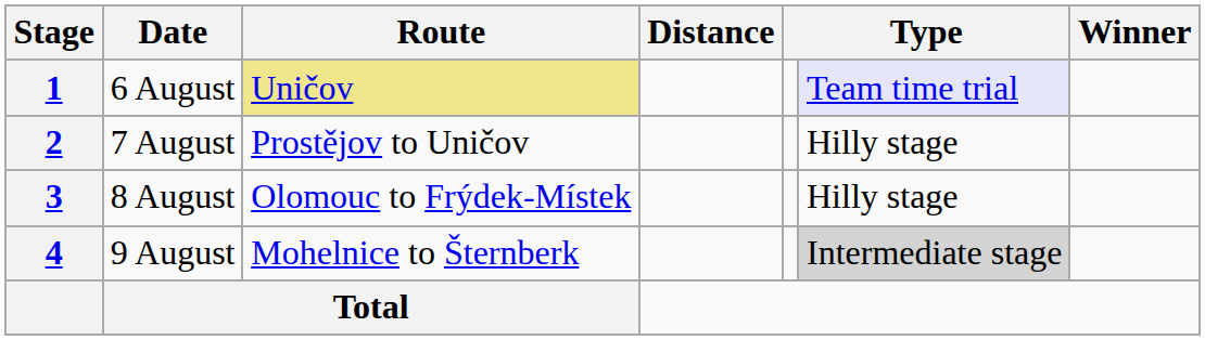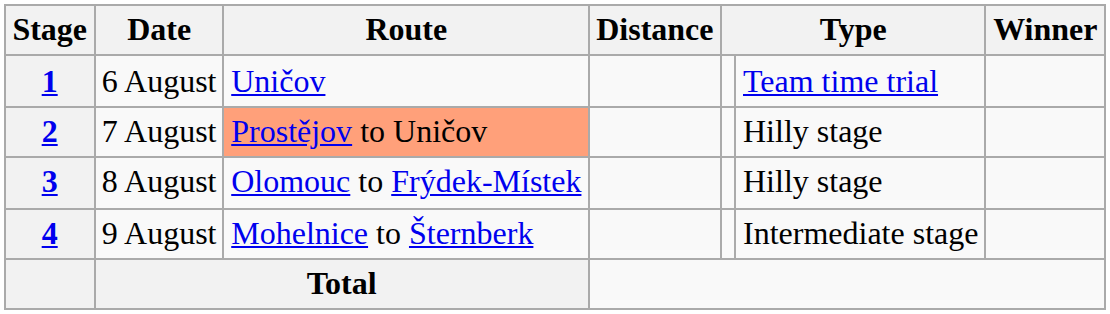 <table class="wikitable">
 <tr>
 <th scope="col">Stage</th>
 <th scope="col">Date</th>
 <th scope="col">Route</th>
 <th scope="col">Distance</th>
 <th scope="col" colspan="2">Type</th>
 <th scope="col">Winner</th>
 </tr>
 <tr>
 <th scope="col"><a href='#'>1</a></th>
 <td style="text-align:right;">6 August</td>
-<td style="background: khaki;"><a href='#'>Uničov</a></td>
+<td><a href='#'>Uničov</a></td>
 <td></td>
 <td></td>
-<td style="background: lavender;"><a href='#'>Team time trial</a></td>
+<td><a href='#'>Team time trial</a></td>
 <td></td>
 </tr>
 <tr>
 <th scope="col"><a href='#'>2</a></th>
 <td style="text-align:right;">7 August</td>
-<td><a href='#'>Prostějov</a> to Uničov</td>
+<td style="background: lightsalmon;"><a href='#'>Prostějov</a> to Uničov</td>
 <td></td>
 <td></td>
 <td>Hilly stage</td>
 <td></td>
 </tr>
 <tr>
 <th scope="col"><a href='#'>3</a></th>
 <td style="text-align:right">8 August</td>
 <td><a href='#'>Olomouc</a> to <a href='#'>Frýdek-Místek</a></td>
 <td></td>
 <td></td>
 <td>Hilly stage</td>
 <td></td>
 </tr>
 <tr>
 <th scope="col"><a href='#'>4</a></th>
 <td style="text-align:right;">9 August</td>
 <td><a href='#'>Mohelnice</a> to <a href='#'>Šternberk</a></td>
 <td></td>
 <td></td>
-<td style="background: lightgrey;">Intermediate stage</td>
+<td>Intermediate stage</td>
 <td></td>
 </tr>
 <tr>
 <th scope="row"></th>
 <th colspan="2">Total</th>
 <td colspan="5" style="text-align:center"></td>
 </tr>
 </table>
